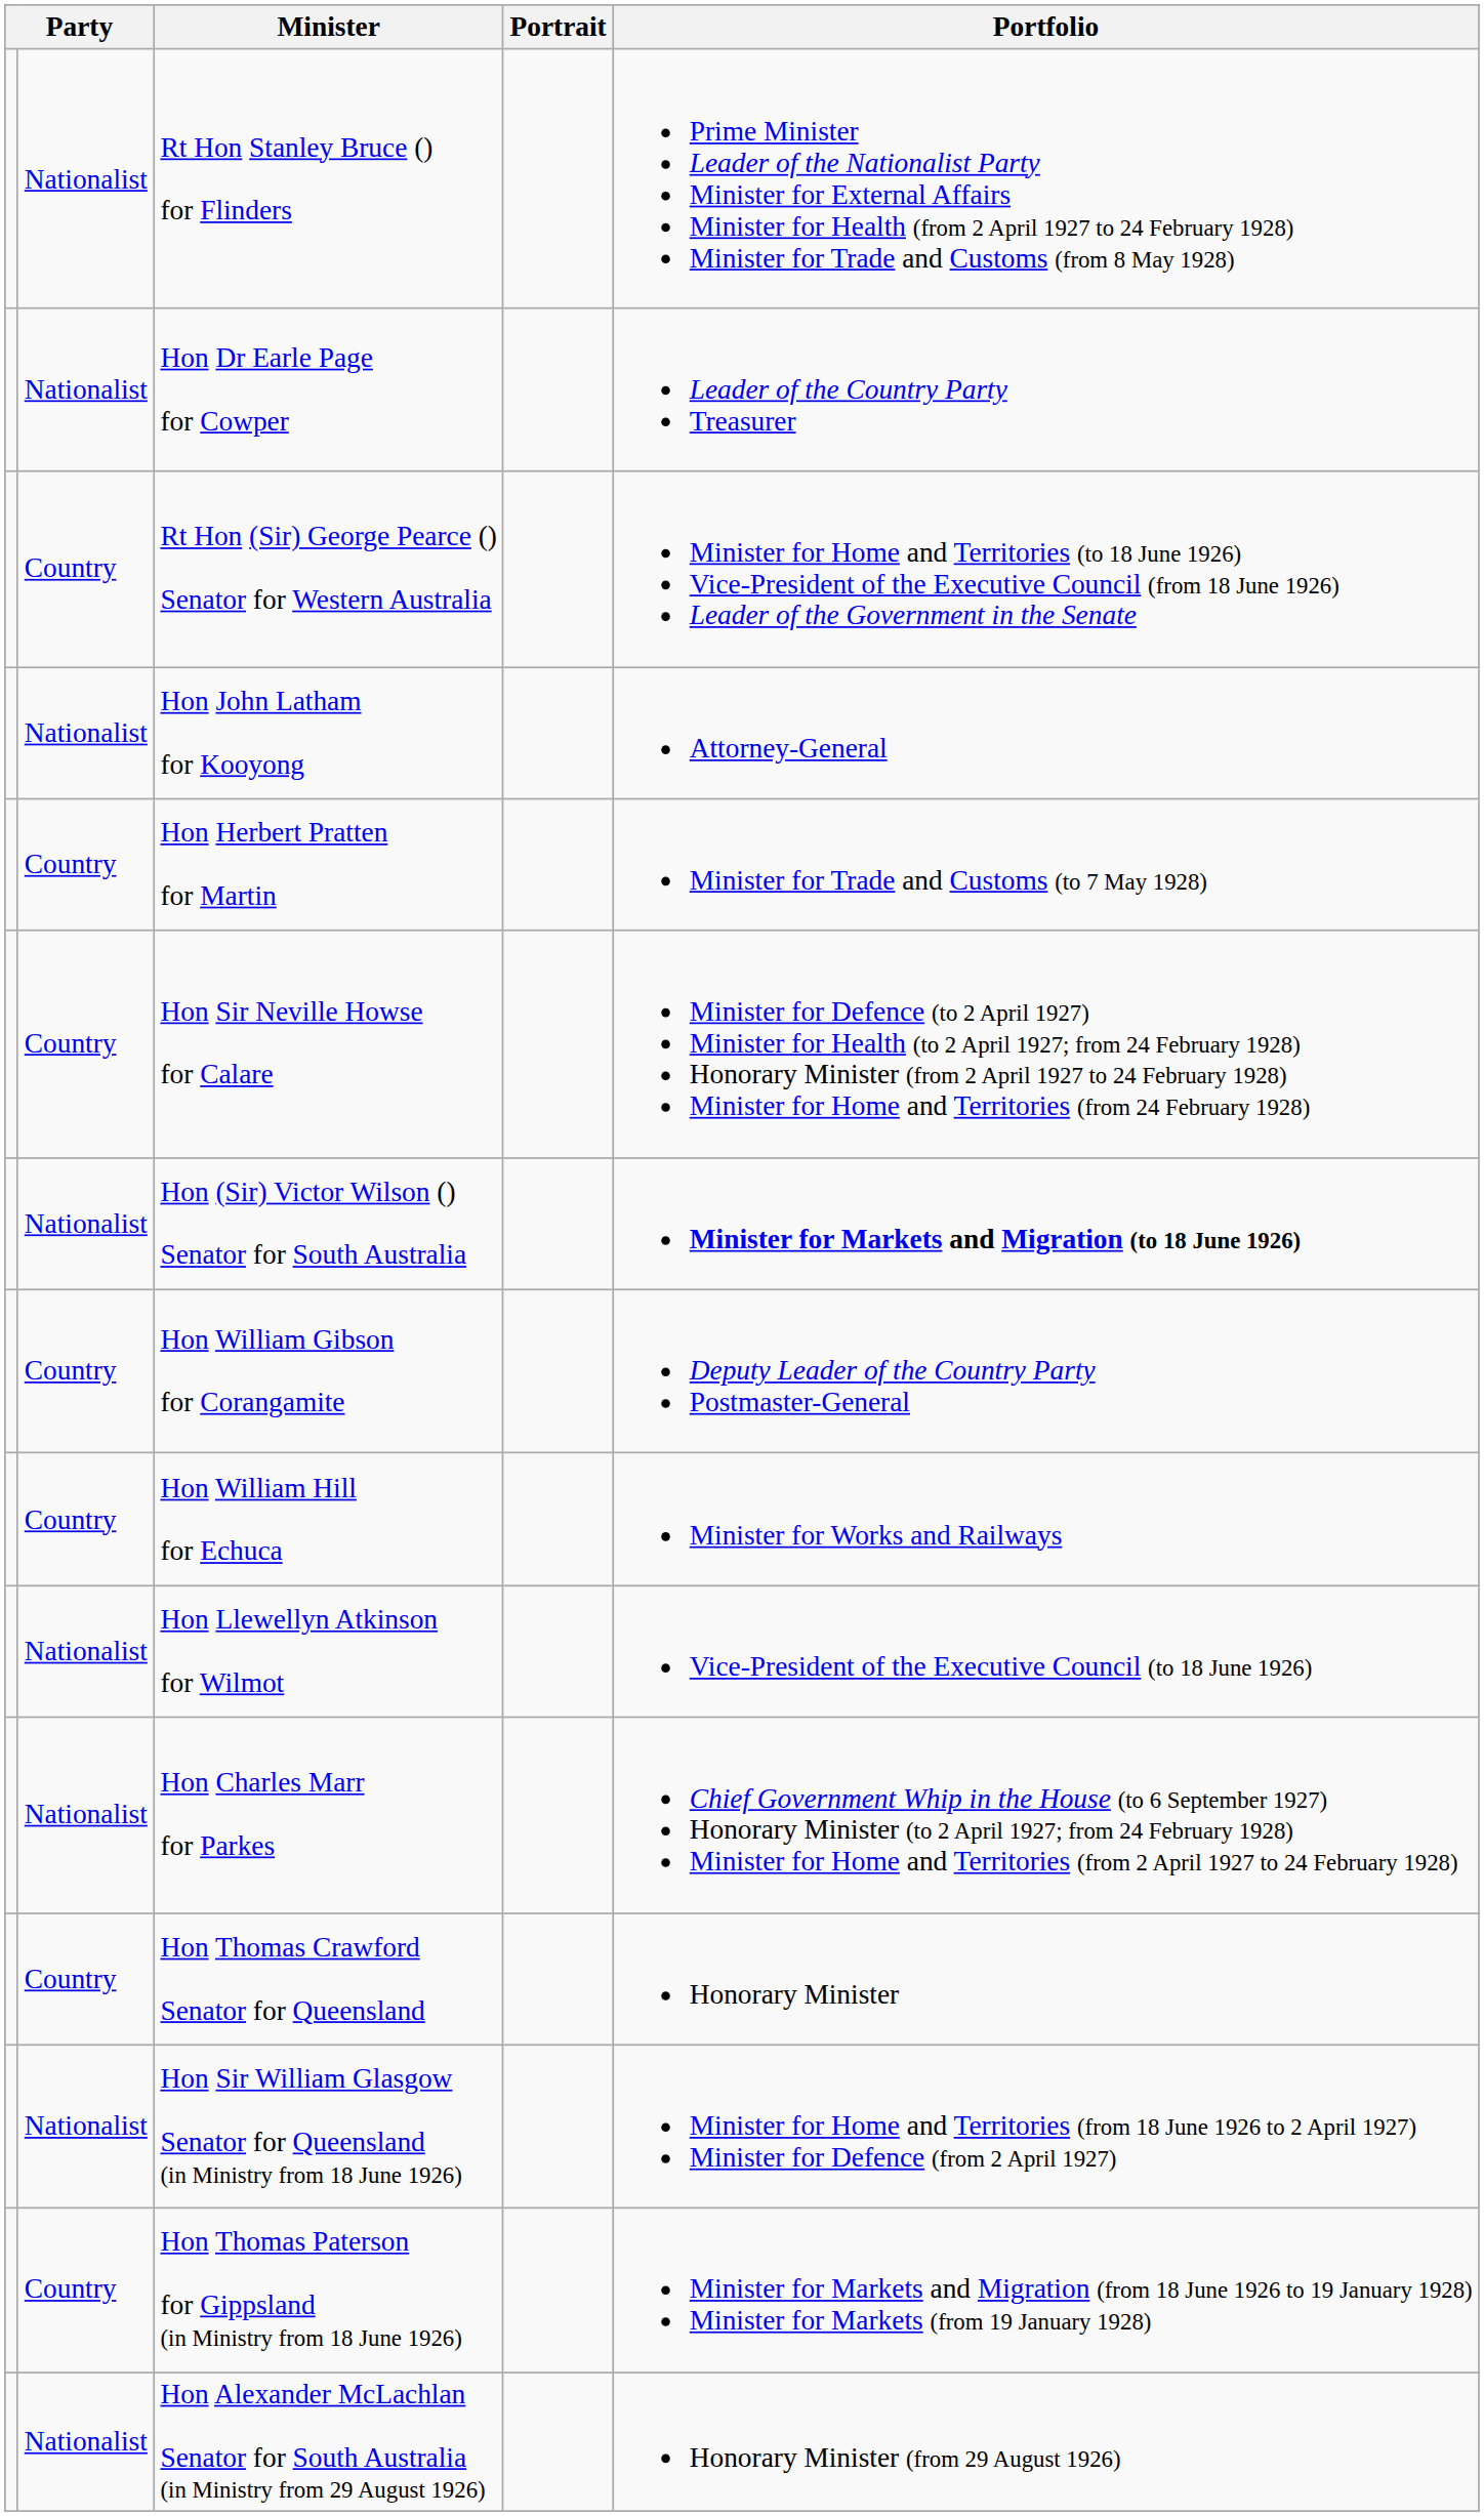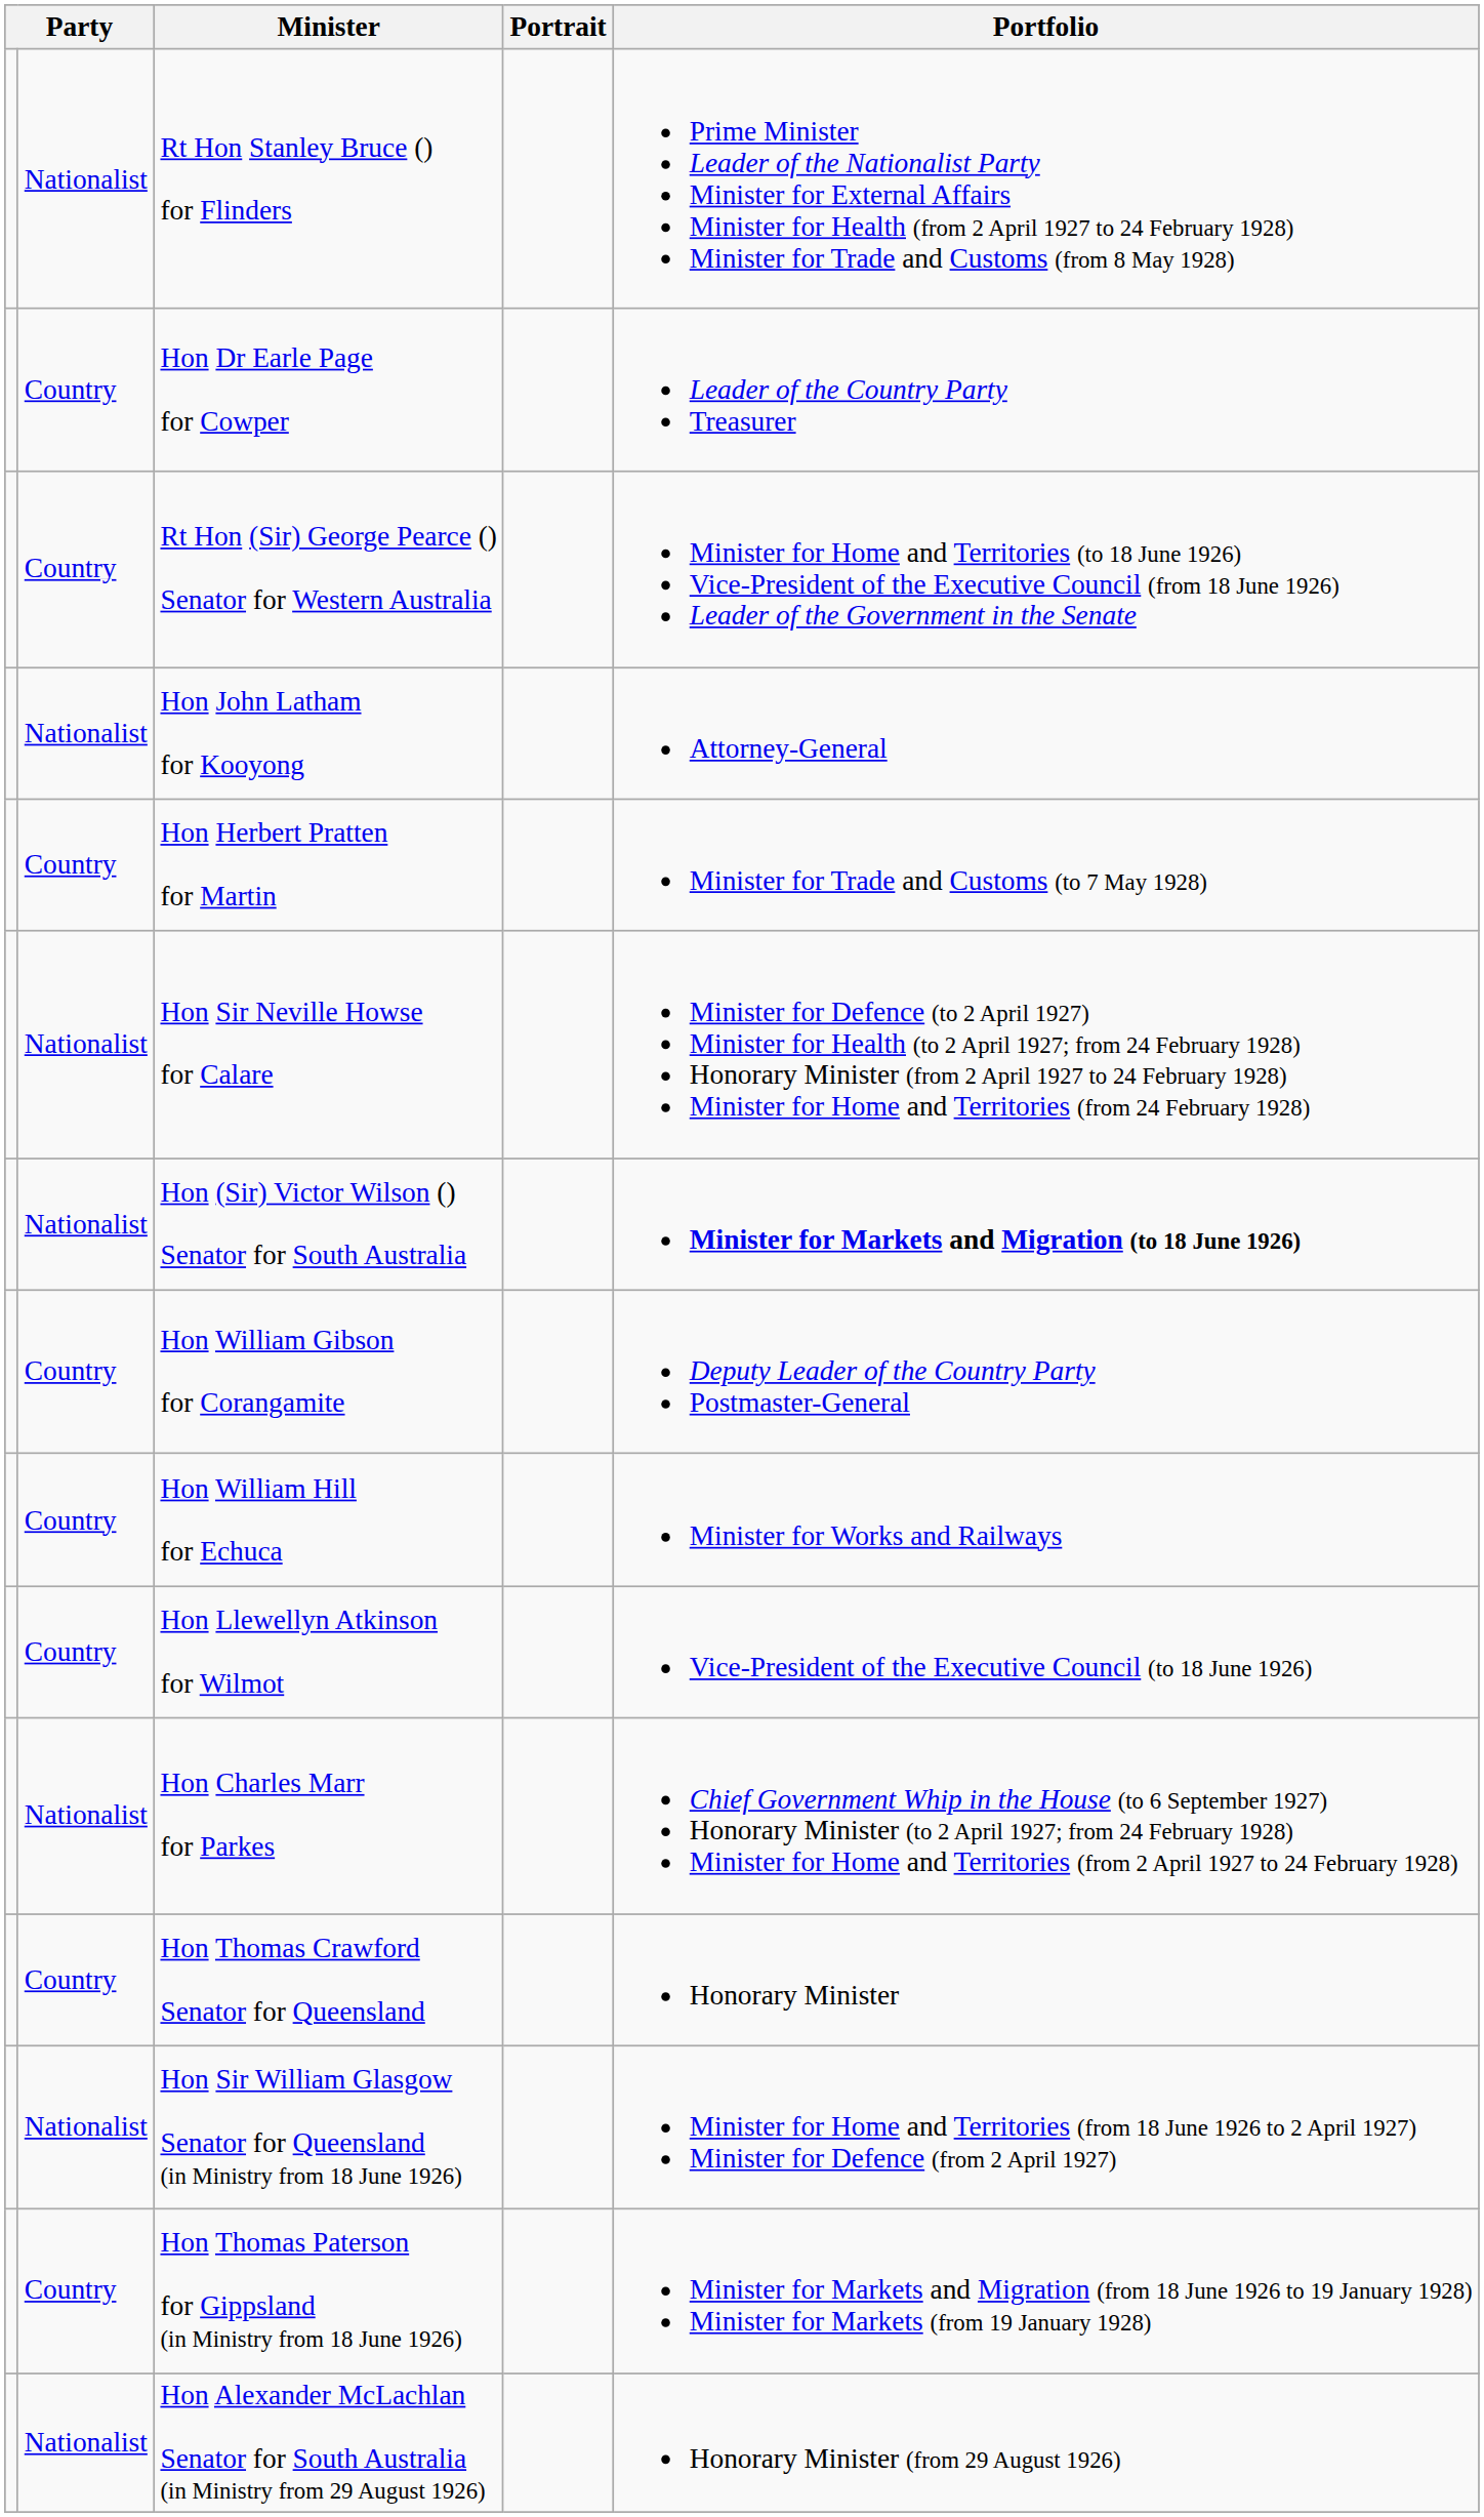 <table class="wikitable sortable">
 <tr>
 <th colspan="2">Party</th>
 <th>Minister</th>
 <th>Portrait</th>
 <th>Portfolio</th>
 </tr>
 <tr>
 <td></td>
 <td><a href='#'>Nationalist</a></td>
 <td><a href='#'>Rt Hon</a> <a href='#'>Stanley Bruce</a> ()  <br><br> for <a href='#'>Flinders</a> <br></td>
 <td></td>
 <td><br><ul><li><a href='#'>Prime Minister</a></li><li><em><a href='#'>Leader of the Nationalist Party</a></em></li><li><a href='#'>Minister for External Affairs</a></li><li><a href='#'>Minister for Health</a> <small>(from 2 April 1927 to 24 February 1928)</small></li><li><a href='#'>Minister for Trade</a> and <a href='#'>Customs</a> <small>(from 8 May 1928)</small></li></ul></td>
 </tr>
 <tr>
 <td></td>
-<td><a href='#'>Nationalist</a></td>
+<td><a href='#'>Country</a></td>
 <td><a href='#'>Hon</a> <a href='#'>Dr Earle Page</a> <br><br> for <a href='#'>Cowper</a> <br></td>
 <td></td>
 <td><br><ul><li><em><a href='#'>Leader of the Country Party</a></em></li><li><a href='#'>Treasurer</a></li></ul></td>
 </tr>
 <tr>
 <td></td>
 <td><a href='#'>Country</a></td>
 <td><a href='#'>Rt Hon</a> <a href='#'>(Sir) George Pearce</a> () <br><br><a href='#'>Senator</a> for <a href='#'>Western Australia</a> <br></td>
 <td></td>
 <td><br><ul><li><a href='#'>Minister for Home</a> and <a href='#'>Territories</a> <small>(to 18 June 1926)</small></li><li><a href='#'>Vice-President of the Executive Council</a> <small>(from 18 June 1926)</small></li><li><em><a href='#'>Leader of the Government in the Senate</a></em></li></ul></td>
 </tr>
 <tr>
 <td></td>
 <td><a href='#'>Nationalist</a></td>
 <td><a href='#'>Hon</a> <a href='#'>John Latham</a>   <br><br> for <a href='#'>Kooyong</a> <br></td>
 <td></td>
 <td><br><ul><li><a href='#'>Attorney-General</a></li></ul></td>
 </tr>
 <tr>
 <td></td>
 <td><a href='#'>Country</a></td>
 <td><a href='#'>Hon</a> <a href='#'>Herbert Pratten</a> <br><br> for <a href='#'>Martin</a> <br></td>
 <td></td>
 <td><br><ul><li><a href='#'>Minister for Trade</a> and <a href='#'>Customs</a> <small>(to 7 May 1928)</small></li></ul></td>
 </tr>
 <tr>
 <td></td>
-<td><a href='#'>Country</a></td>
+<td><a href='#'>Nationalist</a></td>
 <td><a href='#'>Hon</a> <a href='#'>Sir Neville Howse</a>    <br><br> for <a href='#'>Calare</a> <br></td>
 <td></td>
 <td><br><ul><li><a href='#'>Minister for Defence</a> <small>(to 2 April 1927)</small></li><li><a href='#'>Minister for Health</a> <small>(to 2 April 1927; from 24 February 1928)</small></li><li>Honorary Minister <small>(from 2 April 1927 to 24 February 1928)</small></li><li><a href='#'>Minister for Home</a> and <a href='#'>Territories</a> <small>(from 24 February 1928)</small></li></ul></td>
 </tr>
 <tr>
 <td></td>
 <td><a href='#'>Nationalist</a></td>
 <td><a href='#'>Hon</a> <a href='#'>(Sir) Victor Wilson</a> () <br><br><a href='#'>Senator</a> for <a href='#'>South Australia</a> <br></td>
 <td></td>
 <td><strong><br><ul><li><a href='#'>Minister for Markets</a> and <a href='#'>Migration</a> <small>(to 18 June 1926)</small></li></ul></strong></td>
 </tr>
 <tr>
 <td></td>
 <td><a href='#'>Country</a></td>
 <td><a href='#'>Hon</a> <a href='#'>William Gibson</a> <br><br> for <a href='#'>Corangamite</a> <br></td>
 <td></td>
 <td><br><ul><li><em><a href='#'>Deputy Leader of the Country Party</a></em></li><li><a href='#'>Postmaster-General</a></li></ul></td>
 </tr>
 <tr>
 <td></td>
 <td><a href='#'>Country</a></td>
 <td><a href='#'>Hon</a> <a href='#'>William Hill</a> <br><br> for <a href='#'>Echuca</a> <br></td>
 <td></td>
 <td><br><ul><li><a href='#'>Minister for Works and Railways</a></li></ul></td>
 </tr>
 <tr>
 <td></td>
-<td><a href='#'>Nationalist</a></td>
+<td><a href='#'>Country</a></td>
 <td><a href='#'>Hon</a> <a href='#'>Llewellyn Atkinson</a> <br><br> for <a href='#'>Wilmot</a> <br></td>
 <td></td>
 <td><br><ul><li><a href='#'>Vice-President of the Executive Council</a> <small>(to 18 June 1926)</small></li></ul></td>
 </tr>
 <tr>
 <td></td>
 <td><a href='#'>Nationalist</a></td>
 <td><a href='#'>Hon</a> <a href='#'>Charles Marr</a>   <br><br> for <a href='#'>Parkes</a> <br></td>
 <td></td>
 <td><br><ul><li><em><a href='#'>Chief Government Whip in the House</a></em> <small>(to 6 September 1927)</small></li><li>Honorary Minister <small>(to 2 April 1927; from 24 February 1928)</small></li><li><a href='#'>Minister for Home</a> and <a href='#'>Territories</a> <small>(from 2 April 1927 to 24 February 1928)</small></li></ul></td>
 </tr>
 <tr>
 <td></td>
 <td><a href='#'>Country</a></td>
 <td><a href='#'>Hon</a> <a href='#'>Thomas Crawford</a> <br><br><a href='#'>Senator</a> for <a href='#'>Queensland</a> <br></td>
 <td></td>
 <td><br><ul><li>Honorary Minister</li></ul></td>
 </tr>
 <tr>
 <td></td>
 <td><a href='#'>Nationalist</a></td>
 <td><a href='#'>Hon</a> <a href='#'>Sir William Glasgow</a>     <br><br><a href='#'>Senator</a> for <a href='#'>Queensland</a> <br> <small>(in Ministry from 18 June 1926)</small></td>
 <td></td>
 <td><br><ul><li><a href='#'>Minister for Home</a> and <a href='#'>Territories</a> <small>(from 18 June 1926 to 2 April 1927)</small></li><li><a href='#'>Minister for Defence</a> <small>(from 2 April 1927)</small></li></ul></td>
 </tr>
 <tr>
 <td></td>
 <td><a href='#'>Country</a></td>
 <td><a href='#'>Hon</a> <a href='#'>Thomas Paterson</a> <br><br> for <a href='#'>Gippsland</a> <br> <small>(in Ministry from 18 June 1926)</small></td>
 <td></td>
 <td><br><ul><li><a href='#'>Minister for Markets</a> and <a href='#'>Migration</a> <small>(from 18 June 1926 to 19 January 1928)</small></li><li><a href='#'>Minister for Markets</a> <small>(from 19 January 1928)</small></li></ul></td>
 </tr>
 <tr>
 <td></td>
 <td><a href='#'>Nationalist</a></td>
 <td><a href='#'>Hon</a> <a href='#'>Alexander McLachlan</a> <br><br><a href='#'>Senator</a> for <a href='#'>South Australia</a> <br> <small>(in Ministry from 29 August 1926)</small></td>
 <td></td>
 <td><br><ul><li>Honorary Minister <small>(from 29 August 1926)</small></li></ul></td>
 </tr>
 </table>
